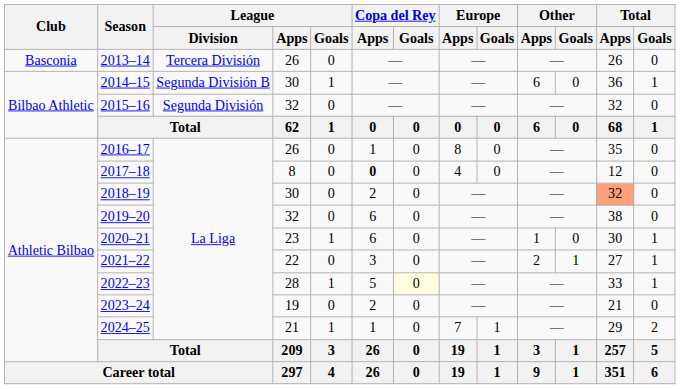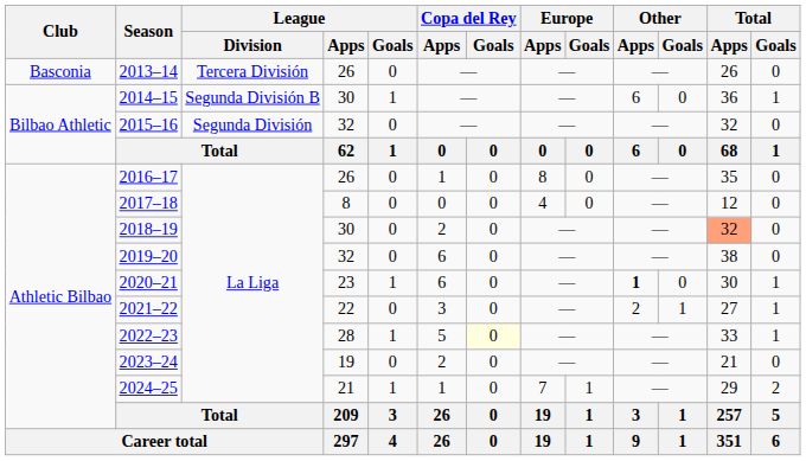 <table class="wikitable" style="text-align:center">
 <tr>
 <th rowspan="2">Club</th>
 <th rowspan="2">Season</th>
 <th colspan="3">League</th>
 <th colspan="2"><a href='#'>Copa del Rey</a></th>
 <th colspan="2">Europe</th>
 <th colspan="2">Other</th>
 <th colspan="2">Total</th>
 </tr>
 <tr>
 <th>Division</th>
 <th>Apps</th>
 <th>Goals</th>
 <th>Apps</th>
 <th>Goals</th>
 <th>Apps</th>
 <th>Goals</th>
 <th>Apps</th>
 <th>Goals</th>
 <th>Apps</th>
 <th>Goals</th>
 </tr>
 <tr>
 <td><a href='#'>Basconia</a></td>
 <td><a href='#'>2013–14</a></td>
 <td><a href='#'>Tercera División</a></td>
 <td>26</td>
 <td>0</td>
 <td colspan="2">—</td>
 <td colspan="2">—</td>
 <td colspan="2">—</td>
 <td>26</td>
 <td>0</td>
 </tr>
 <tr>
 <td rowspan="3"><a href='#'>Bilbao Athletic</a></td>
 <td><a href='#'>2014–15</a></td>
 <td><a href='#'>Segunda División B</a></td>
 <td>30</td>
 <td>1</td>
 <td colspan="2">—</td>
 <td colspan="2">—</td>
 <td>6</td>
 <td>0</td>
 <td>36</td>
 <td>1</td>
 </tr>
 <tr>
 <td><a href='#'>2015–16</a></td>
 <td><a href='#'>Segunda División</a></td>
 <td>32</td>
 <td>0</td>
 <td colspan="2">—</td>
 <td colspan="2">—</td>
 <td colspan="2">—</td>
 <td>32</td>
 <td>0</td>
 </tr>
 <tr>
 <th colspan="2">Total</th>
 <th>62</th>
 <th>1</th>
 <th>0</th>
 <th>0</th>
 <th>0</th>
 <th>0</th>
 <th>6</th>
 <th>0</th>
 <th>68</th>
 <th>1</th>
 </tr>
 <tr>
 <td rowspan="10"><a href='#'>Athletic Bilbao</a></td>
 <td><a href='#'>2016–17</a></td>
 <td rowspan="9"><a href='#'>La Liga</a></td>
 <td>26</td>
 <td>0</td>
 <td>1</td>
 <td>0</td>
 <td>8</td>
 <td>0</td>
 <td colspan="2">—</td>
 <td>35</td>
 <td>0</td>
 </tr>
 <tr>
 <td><a href='#'>2017–18</a></td>
 <td>8</td>
 <td>0</td>
-<td><strong>0</strong></td>
+<td>0</td>
 <td>0</td>
 <td>4</td>
 <td>0</td>
 <td colspan="2">—</td>
 <td>12</td>
 <td>0</td>
 </tr>
 <tr>
 <td><a href='#'>2018–19</a></td>
 <td>30</td>
 <td>0</td>
 <td>2</td>
 <td>0</td>
 <td colspan="2">—</td>
 <td colspan="2">—</td>
 <td style="background: lightsalmon;">32</td>
 <td>0</td>
 </tr>
 <tr>
 <td><a href='#'>2019–20</a></td>
 <td>32</td>
 <td>0</td>
 <td>6</td>
 <td>0</td>
 <td colspan="2">—</td>
 <td colspan="2">—</td>
 <td>38</td>
 <td>0</td>
 </tr>
 <tr>
 <td><a href='#'>2020–21</a></td>
 <td>23</td>
 <td>1</td>
 <td>6</td>
 <td>0</td>
 <td colspan="2">—</td>
-<td>1</td>
+<td><strong>1</strong></td>
 <td>0</td>
 <td>30</td>
 <td>1</td>
 </tr>
 <tr>
 <td><a href='#'>2021–22</a></td>
 <td>22</td>
 <td>0</td>
 <td>3</td>
 <td>0</td>
 <td colspan="2">—</td>
 <td>2</td>
 <td>1</td>
 <td>27</td>
 <td>1</td>
 </tr>
 <tr>
 <td><a href='#'>2022–23</a></td>
 <td>28</td>
 <td>1</td>
 <td>5</td>
 <td style="background: lightyellow;">0</td>
 <td colspan="2">—</td>
 <td colspan="2">—</td>
 <td>33</td>
 <td>1</td>
 </tr>
 <tr>
 <td><a href='#'>2023–24</a></td>
 <td>19</td>
 <td>0</td>
 <td>2</td>
 <td>0</td>
 <td colspan="2">—</td>
 <td colspan="2">—</td>
 <td>21</td>
 <td>0</td>
 </tr>
 <tr>
 <td><a href='#'>2024–25</a></td>
 <td>21</td>
 <td>1</td>
 <td>1</td>
 <td>0</td>
 <td>7</td>
 <td>1</td>
 <td colspan="2">—</td>
 <td>29</td>
 <td>2</td>
 </tr>
 <tr>
 <th colspan="2">Total</th>
 <th>209</th>
 <th>3</th>
 <th>26</th>
 <th>0</th>
 <th>19</th>
 <th>1</th>
 <th>3</th>
 <th>1</th>
 <th>257</th>
 <th>5</th>
 </tr>
 <tr>
 <th colspan="3">Career total</th>
 <th>297</th>
 <th>4</th>
 <th>26</th>
 <th>0</th>
 <th>19</th>
 <th>1</th>
 <th>9</th>
 <th>1</th>
 <th>351</th>
 <th>6</th>
 </tr>
 </table>
